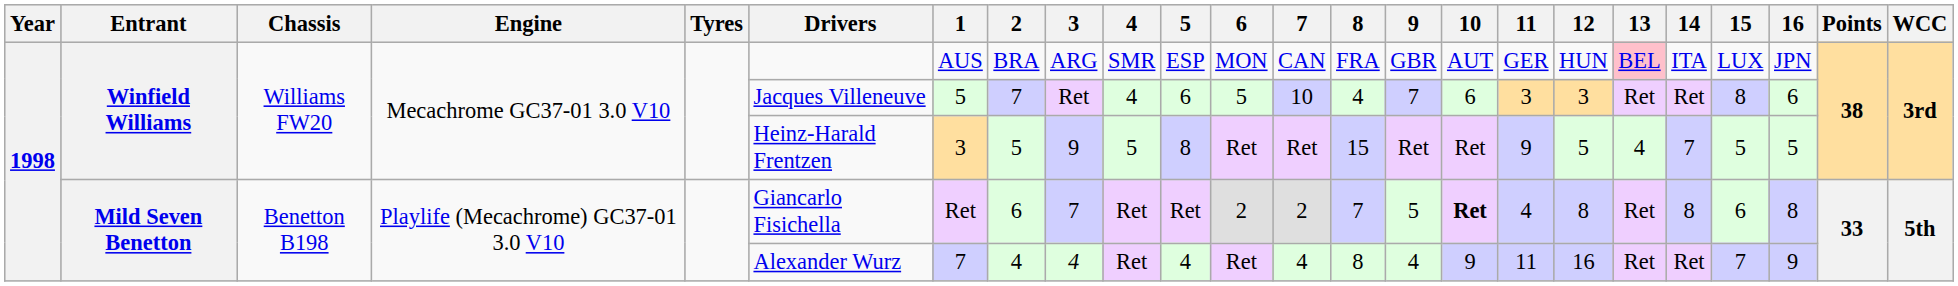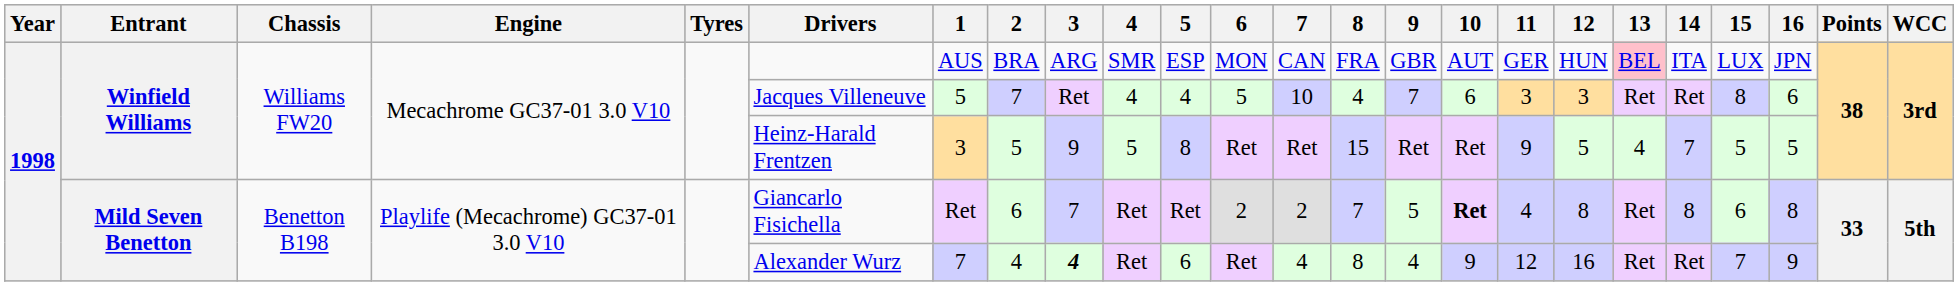 <table class="wikitable" style="text-align:center; font-size:90%">
 <tr>
 <th>Year</th>
 <th>Entrant</th>
 <th>Chassis</th>
 <th>Engine</th>
 <th>Tyres</th>
 <th>Drivers</th>
 <th>1</th>
 <th>2</th>
 <th>3</th>
 <th>4</th>
 <th>5</th>
 <th>6</th>
 <th>7</th>
 <th>8</th>
 <th>9</th>
 <th>10</th>
 <th>11</th>
 <th>12</th>
 <th>13</th>
 <th>14</th>
 <th>15</th>
 <th>16</th>
 <th>Points</th>
 <th>WCC</th>
 </tr>
 <tr>
 <th rowspan="5"><a href='#'>1998</a></th>
 <th rowspan="3"><a href='#'>Winfield Williams</a></th>
 <td rowspan="3"><a href='#'>Williams FW20</a></td>
 <td rowspan="3">Mecachrome GC37-01 3.0 <a href='#'>V10</a></td>
 <td rowspan="3"></td>
 <td></td>
 <td><a href='#'>AUS</a></td>
 <td><a href='#'>BRA</a></td>
 <td><a href='#'>ARG</a></td>
 <td><a href='#'>SMR</a></td>
 <td><a href='#'>ESP</a></td>
 <td><a href='#'>MON</a></td>
 <td><a href='#'>CAN</a></td>
 <td><a href='#'>FRA</a></td>
 <td><a href='#'>GBR</a></td>
 <td><a href='#'>AUT</a></td>
 <td><a href='#'>GER</a></td>
 <td><a href='#'>HUN</a></td>
 <td style="background: pink;"><a href='#'>BEL</a></td>
 <td><a href='#'>ITA</a></td>
 <td><a href='#'>LUX</a></td>
 <td><a href='#'>JPN</a></td>
 <th rowspan="3" style="background:#FFDF9F;">38</th>
 <th rowspan="3" style="background:#FFDF9F;">3rd</th>
 </tr>
 <tr>
 <td align=left> <a href='#'>Jacques Villeneuve</a></td>
 <td style="background:#DFFFDF;">5</td>
 <td style="background:#CFCFFF;">7</td>
 <td style="background:#EFCFFF;">Ret</td>
 <td style="background:#DFFFDF;">4</td>
-<td style="background:#DFFFDF;">6</td>
+<td style="background:#DFFFDF;">4</td>
 <td style="background:#DFFFDF;">5</td>
 <td style="background:#CFCFFF;">10</td>
 <td style="background:#DFFFDF;">4</td>
 <td style="background:#CFCFFF;">7</td>
 <td style="background:#DFFFDF;">6</td>
 <td style="background:#FFDF9F;">3</td>
 <td style="background:#FFDF9F;">3</td>
 <td style="background:#EFCFFF;">Ret</td>
 <td style="background:#EFCFFF;">Ret</td>
 <td style="background:#CFCFFF;">8</td>
 <td style="background:#DFFFDF;">6</td>
 </tr>
 <tr>
 <td align=left> <a href='#'>Heinz-Harald Frentzen</a></td>
 <td style="background:#FFDF9F;">3</td>
 <td style="background:#DFFFDF;">5</td>
 <td style="background:#CFCFFF;">9</td>
 <td style="background:#DFFFDF;">5</td>
 <td style="background:#CFCFFF;">8</td>
 <td style="background:#EFCFFF;">Ret</td>
 <td style="background:#EFCFFF;">Ret</td>
 <td style="background:#CFCFFF;">15</td>
 <td style="background:#EFCFFF;">Ret</td>
 <td style="background:#EFCFFF;">Ret</td>
 <td style="background:#CFCFFF;">9</td>
 <td style="background:#DFFFDF;">5</td>
 <td style="background:#DFFFDF;">4</td>
 <td style="background:#CFCFFF;">7</td>
 <td style="background:#DFFFDF;">5</td>
 <td style="background:#DFFFDF;">5</td>
 </tr>
 <tr>
 <th rowspan="2"><a href='#'>Mild Seven Benetton</a></th>
 <td rowspan="2"><a href='#'>Benetton B198</a></td>
 <td rowspan="2"><a href='#'>Playlife</a> (Mecachrome) GC37-01 3.0 <a href='#'>V10</a></td>
 <td rowspan="2"></td>
 <td align=left> <a href='#'>Giancarlo Fisichella</a></td>
 <td style="background:#EFCFFF;">Ret</td>
 <td style="background:#DFFFDF;">6</td>
 <td style="background:#CFCFFF;">7</td>
 <td style="background:#EFCFFF;">Ret</td>
 <td style="background:#EFCFFF;">Ret</td>
 <td style="background:#DFDFDF;">2</td>
 <td style="background:#DFDFDF;">2</td>
 <td style="background:#CFCFFF;">7</td>
 <td style="background:#DFFFDF;">5</td>
 <td style="background:#EFCFFF;"><strong>Ret</strong></td>
 <td style="background:#CFCFFF;">4</td>
 <td style="background:#CFCFFF;">8</td>
 <td style="background:#EFCFFF;">Ret</td>
 <td style="background:#CFCFFF;">8</td>
 <td style="background:#DFFFDF;">6</td>
 <td style="background:#CFCFFF;">8</td>
 <th rowspan="2">33</th>
 <th rowspan="2">5th</th>
 </tr>
 <tr>
 <td align=left> <a href='#'>Alexander Wurz</a></td>
 <td style="background:#CFCFFF;">7</td>
 <td style="background:#DFFFDF;">4</td>
-<td style="background:#DFFFDF;"><em>4</em></td>
+<td style="background:#DFFFDF;"><strong><em>4</em></strong></td>
 <td style="background:#EFCFFF;">Ret</td>
-<td style="background:#DFFFDF;">4</td>
+<td style="background:#DFFFDF;">6</td>
 <td style="background:#EFCFFF;">Ret</td>
 <td style="background:#DFFFDF;">4</td>
 <td style="background:#DFFFDF;">8</td>
 <td style="background:#DFFFDF;">4</td>
 <td style="background:#CFCFFF;">9</td>
-<td style="background:#CFCFFF;">11</td>
+<td style="background:#CFCFFF;">12</td>
 <td style="background:#CFCFFF;">16</td>
 <td style="background:#EFCFFF;">Ret</td>
 <td style="background:#EFCFFF;">Ret</td>
 <td style="background:#CFCFFF;">7</td>
 <td style="background:#CFCFFF;">9</td>
 </tr>
 </table>
